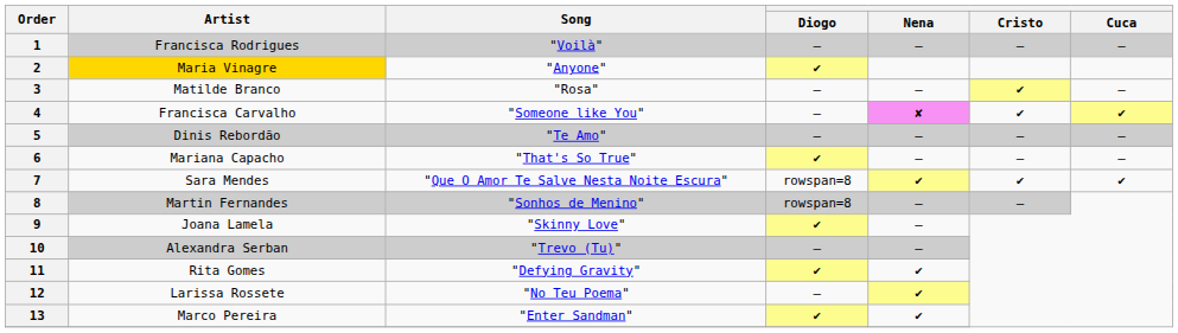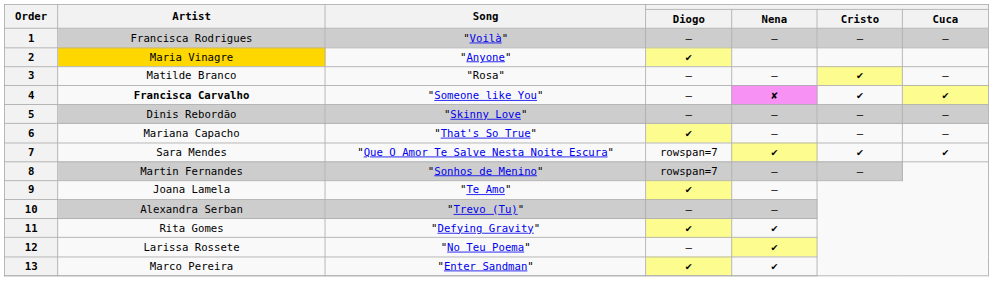 <table class="wikitable" style="text-align:center; line-height:17px; width:95%">
 <tr>
 <th rowspan="2" width="05%">Order</th>
 <th rowspan="2" width="25%">Artist</th>
 <th rowspan="2" width="30%">Song</th>
 <th colspan="4"></th>
 </tr>
 <tr>
 <th width="08%">Diogo</th>
 <th width="08%">Nena</th>
 <th width="08%">Cristo</th>
 <th width="08%">Cuca</th>
 </tr>
 <tr bgcolor=cdcdcd>
 <th>1</th>
 <td>Francisca Rodrigues</td>
 <td>"<a href='#'>Voilà</a>"</td>
 <td>—</td>
 <td>—</td>
 <td>—</td>
 <td>—</td>
 </tr>
 <tr>
 <th>2</th>
 <td bgcolor=gold>Maria Vinagre</td>
 <td>"<a href='#'>Anyone</a>"</td>
 <td style="background:#fdfc8f">✔</td>
 <td></td>
 <td></td>
 <td></td>
 </tr>
 <tr>
 <th>3</th>
 <td>Matilde Branco</td>
 <td>"Rosa"</td>
 <td>—</td>
 <td>—</td>
 <td style="background:#fdfc8f">✔</td>
 <td>—</td>
 </tr>
 <tr>
 <th>4</th>
-<td>Francisca Carvalho</td>
+<td><strong>Francisca Carvalho</strong></td>
 <td>"<a href='#'>Someone like You</a>"</td>
 <td>—</td>
 <td style="background:#f791f3">✘</td>
 <td>✔</td>
 <td style="background:#fdfc8f">✔</td>
 </tr>
 <tr bgcolor=cdcdcd>
 <th>5</th>
 <td>Dinis Rebordão</td>
-<td>"<a href='#'>Te Amo</a>"</td>
+<td>"<a href='#'>Skinny Love</a>"</td>
 <td>—</td>
 <td>—</td>
 <td>—</td>
 <td>—</td>
 </tr>
 <tr>
 <th>6</th>
 <td>Mariana Capacho</td>
 <td>"<a href='#'>That's So True</a>"</td>
 <td style="background:#fdfc8f">✔</td>
 <td>—</td>
 <td>—</td>
 <td>—</td>
 </tr>
 <tr>
 <th>7</th>
 <td>Sara Mendes</td>
 <td>"<a href='#'>Que O Amor Te Salve Nesta Noite Escura</a>"</td>
-<td>rowspan=8 </td>
+<td>rowspan=7 </td>
 <td style="background:#fdfc8f">✔</td>
 <td>✔</td>
 <td>✔</td>
 </tr>
 <tr bgcolor=cdcdcd>
 <th>8</th>
 <td>Martin Fernandes</td>
 <td>"<a href='#'>Sonhos de Menino</a>"</td>
-<td>rowspan=8 </td>
+<td>rowspan=7 </td>
 <td>—</td>
 <td>—</td>
 </tr>
 <tr>
 <th>9</th>
 <td>Joana Lamela</td>
-<td>"<a href='#'>Skinny Love</a>"</td>
+<td>"<a href='#'>Te Amo</a>"</td>
 <td style="background:#fdfc8f">✔</td>
 <td>—</td>
 </tr>
 <tr bgcolor=cdcdcd>
 <th>10</th>
 <td>Alexandra Serban</td>
 <td>"<a href='#'>Trevo (Tu)</a>"</td>
 <td>—</td>
 <td>—</td>
 </tr>
 <tr>
 <th>11</th>
 <td>Rita Gomes</td>
 <td>"<a href='#'>Defying Gravity</a>"</td>
 <td style="background:#fdfc8f">✔</td>
 <td>✔</td>
 </tr>
 <tr>
 <th>12</th>
 <td>Larissa Rossete</td>
 <td>"<a href='#'>No Teu Poema</a>"</td>
 <td>—</td>
 <td style="background:#fdfc8f">✔</td>
 </tr>
 <tr>
 <th>13</th>
 <td>Marco Pereira</td>
 <td>"<a href='#'>Enter Sandman</a>"</td>
 <td style="background:#fdfc8f">✔</td>
 <td>✔</td>
 </tr>
 <tr>
 </tr>
 </table>
